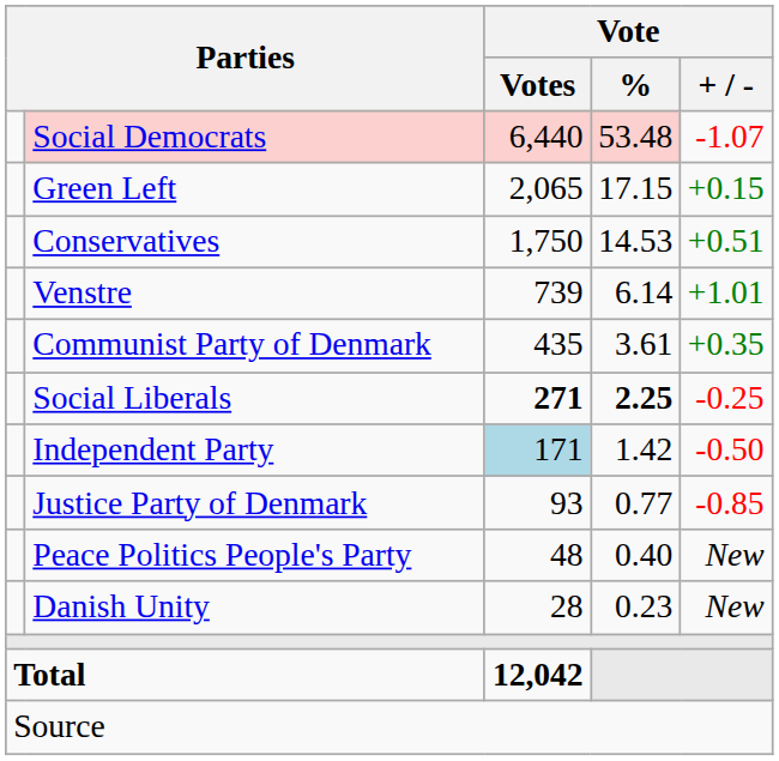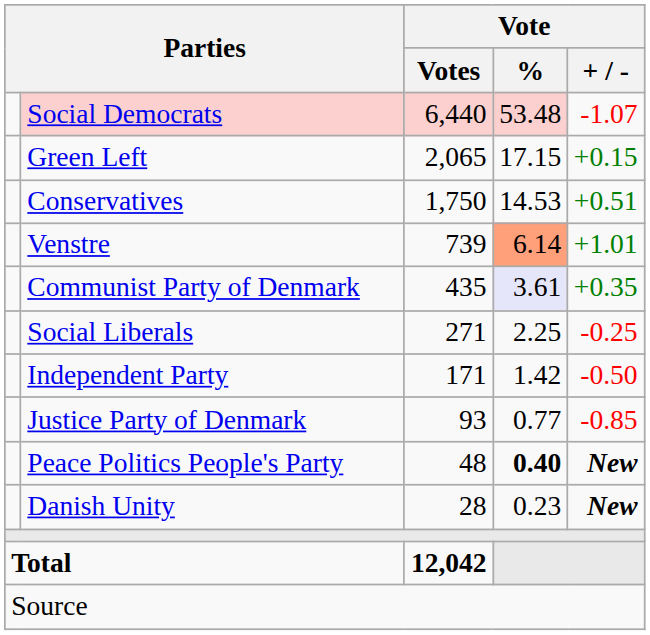 <table class="wikitable" style="text-align:right;">
 <tr>
 <th style="text-align:centre;" rowspan="2" colspan="2" width="225">Parties</th>
 <th colspan="3">Vote</th>
 </tr>
 <tr>
 <th width="15">Votes</th>
 <th width="15">%</th>
 <th width="15">+ / -</th>
 </tr>
 <tr>
 <td width="2" style="color:inherit;background:"></td>
 <td bgcolor=#fbd0ce  align="left"><a href='#'>Social Democrats</a></td>
 <td bgcolor=#fbd0ce>6,440</td>
 <td bgcolor=#fbd0ce>53.48</td>
 <td style=color:red;>-1.07</td>
 </tr>
 <tr>
 <td width="2" style="color:inherit;background:"></td>
 <td align="left"><a href='#'>Green Left</a></td>
 <td>2,065</td>
 <td>17.15</td>
 <td style=color:green;>+0.15</td>
 </tr>
 <tr>
 <td width="2" style="color:inherit;background:"></td>
 <td align="left"><a href='#'>Conservatives</a></td>
 <td>1,750</td>
 <td>14.53</td>
 <td style=color:green;>+0.51</td>
 </tr>
 <tr>
 <td width="2" style="color:inherit;background:"></td>
 <td align="left"><a href='#'>Venstre</a></td>
 <td>739</td>
-<td>6.14</td>
+<td style="background: lightsalmon;">6.14</td>
 <td style=color:green;>+1.01</td>
 </tr>
 <tr>
 <td width="2" style="color:inherit;background:"></td>
 <td align="left"><a href='#'>Communist Party of Denmark</a></td>
 <td>435</td>
-<td>3.61</td>
+<td style="background: lavender;">3.61</td>
 <td style=color:green;>+0.35</td>
 </tr>
 <tr>
 <td width="2" style="color:inherit;background:"></td>
 <td align="left"><a href='#'>Social Liberals</a></td>
-<td><strong>271</strong></td>
-<td><strong>2.25</strong></td>
+<td>271</td>
+<td>2.25</td>
 <td style=color:red;>-0.25</td>
 </tr>
 <tr>
 <td width="2" style="color:inherit;background:"></td>
 <td align="left"><a href='#'>Independent Party</a></td>
-<td style="background: lightblue;">171</td>
+<td>171</td>
 <td>1.42</td>
 <td style=color:red;>-0.50</td>
 </tr>
 <tr>
 <td width="2" style="color:inherit;background:"></td>
 <td align="left"><a href='#'>Justice Party of Denmark</a></td>
 <td>93</td>
 <td>0.77</td>
 <td style=color:red;>-0.85</td>
 </tr>
 <tr>
 <td width="2" style="color:inherit;background:"></td>
 <td align="left"><a href='#'>Peace Politics People's Party</a></td>
 <td>48</td>
-<td>0.40</td>
-<td><em>New</em></td>
+<td><strong>0.40</strong></td>
+<td><strong><em>New</em></strong></td>
 </tr>
 <tr>
 <td width="2" style="color:inherit;background:"></td>
 <td align="left"><a href='#'>Danish Unity</a></td>
 <td>28</td>
 <td>0.23</td>
-<td><em>New</em></td>
+<td><strong><em>New</em></strong></td>
 </tr>
 <tr>
 <td colspan="7" bgcolor="#E9E9E9"></td>
 </tr>
 <tr>
 <td align="left" colspan="2"><strong>Total</strong></td>
 <td><strong>12,042</strong></td>
 <td bgcolor="#E9E9E9" colspan="2"></td>
 </tr>
 <tr>
 <td align="left" colspan="6">Source</td>
 </tr>
 </table>
